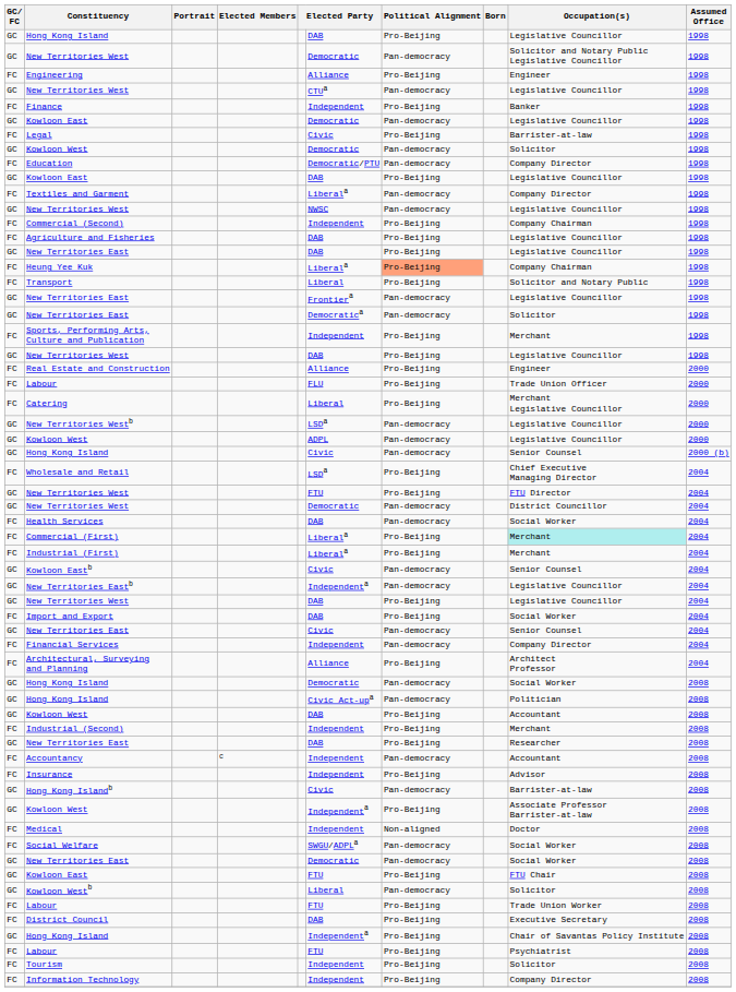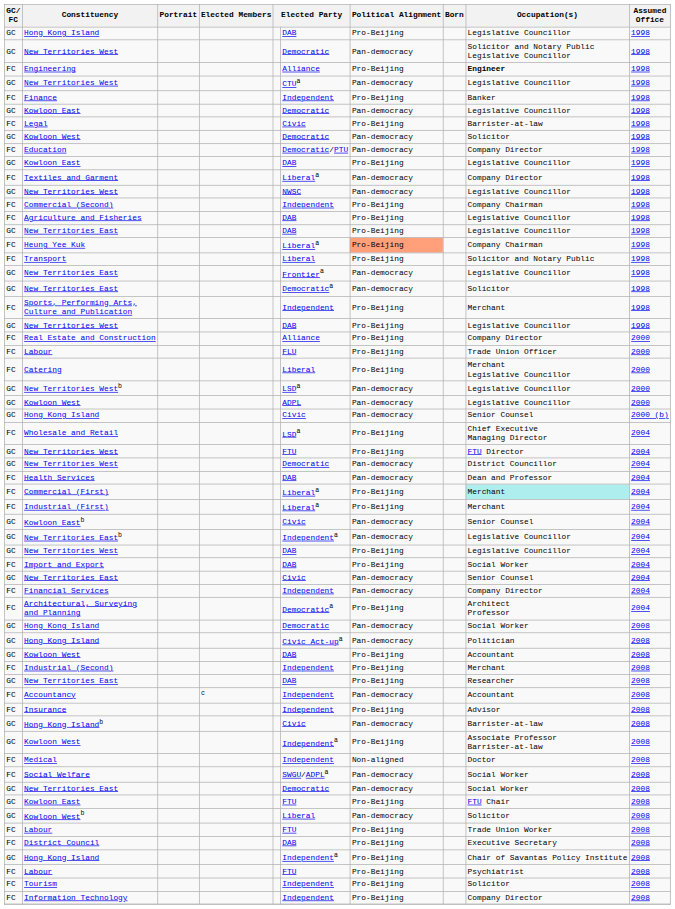 <table class="wikitable sortable" style="font-size:90%;">
 <tr>
 <th>GC/<br>FC</th>
 <th>Constituency</th>
 <th>Portrait</th>
 <th>Elected Members</th>
 <th colspan=2>Elected Party</th>
 <th>Political Alignment</th>
 <th>Born</th>
 <th>Occupation(s)</th>
 <th>Assumed<br>Office</th>
 </tr>
 <tr>
 <td>GC</td>
 <td><a href='#'>Hong Kong Island</a></td>
 <td></td>
 <td></td>
 <td width=5px></td>
 <td><a href='#'>DAB</a></td>
 <td>Pro-Beijing</td>
 <td></td>
 <td>Legislative Councillor</td>
 <td><a href='#'>1998</a></td>
 </tr>
 <tr>
 <td>GC</td>
 <td><a href='#'>New Territories West</a></td>
 <td></td>
 <td></td>
 <td style="color:inherit;background:"></td>
 <td><a href='#'>Democratic</a></td>
 <td>Pan-democracy</td>
 <td></td>
 <td>Solicitor and Notary Public<br>Legislative Councillor</td>
 <td><a href='#'>1998</a></td>
 </tr>
 <tr>
 <td>FC</td>
 <td><a href='#'>Engineering</a></td>
 <td></td>
 <td></td>
 <td style="color:inherit;background:"></td>
 <td><a href='#'>Alliance</a></td>
 <td>Pro-Beijing</td>
 <td></td>
-<td>Engineer</td>
+<td><strong>Engineer</strong></td>
 <td><a href='#'>1998</a></td>
 </tr>
 <tr>
 <td>GC</td>
 <td><a href='#'>New Territories West</a></td>
 <td></td>
 <td></td>
 <td style="color:inherit;background:"></td>
 <td><a href='#'>CTU</a><sup>a</sup></td>
 <td>Pan-democracy</td>
 <td></td>
 <td>Legislative Councillor</td>
 <td><a href='#'>1998</a></td>
 </tr>
 <tr>
 <td>FC</td>
 <td><a href='#'>Finance</a></td>
 <td></td>
 <td></td>
 <td style="color:inherit;background:"></td>
 <td><a href='#'>Independent</a></td>
 <td>Pro-Beijing</td>
 <td></td>
 <td>Banker</td>
 <td><a href='#'>1998</a></td>
 </tr>
 <tr>
 <td>GC</td>
 <td><a href='#'>Kowloon East</a></td>
 <td></td>
 <td></td>
 <td style="color:inherit;background:"></td>
 <td><a href='#'>Democratic</a></td>
 <td>Pan-democracy</td>
 <td></td>
 <td>Legislative Councillor</td>
 <td><a href='#'>1998</a></td>
 </tr>
 <tr>
 <td>FC</td>
 <td><a href='#'>Legal</a></td>
 <td></td>
 <td></td>
 <td style="color:inherit;background:"></td>
 <td><a href='#'>Civic</a></td>
 <td>Pro-Beijing</td>
 <td></td>
 <td>Barrister-at-law</td>
 <td><a href='#'>1998</a></td>
 </tr>
 <tr>
 <td>GC</td>
 <td><a href='#'>Kowloon West</a></td>
 <td></td>
 <td></td>
 <td style="color:inherit;background:"></td>
 <td><a href='#'>Democratic</a></td>
 <td>Pan-democracy</td>
 <td></td>
 <td>Solicitor</td>
 <td><a href='#'>1998</a></td>
 </tr>
 <tr>
 <td>FC</td>
 <td><a href='#'>Education</a></td>
 <td></td>
 <td></td>
 <td style="color:inherit;background:"></td>
 <td><a href='#'>Democratic</a>/<a href='#'>PTU</a></td>
 <td>Pan-democracy</td>
 <td></td>
 <td>Company Director</td>
 <td><a href='#'>1998</a></td>
 </tr>
 <tr>
 <td>GC</td>
 <td><a href='#'>Kowloon East</a></td>
 <td></td>
 <td></td>
 <td style="color:inherit;background:"></td>
 <td><a href='#'>DAB</a></td>
 <td>Pro-Beijing</td>
 <td></td>
 <td>Legislative Councillor</td>
 <td><a href='#'>1998</a></td>
 </tr>
 <tr>
 <td>FC</td>
 <td><a href='#'>Textiles and Garment</a></td>
 <td></td>
 <td></td>
 <td style="color:inherit;background:"></td>
 <td><a href='#'>Liberal</a><sup>a</sup></td>
 <td>Pan-democracy</td>
 <td></td>
 <td>Company Director</td>
 <td><a href='#'>1998</a></td>
 </tr>
 <tr>
 <td>GC</td>
 <td><a href='#'>New Territories West</a></td>
 <td></td>
 <td></td>
 <td style="color:inherit;background:"></td>
 <td><a href='#'>NWSC</a></td>
 <td>Pan-democracy</td>
 <td></td>
 <td>Legislative Councillor</td>
 <td><a href='#'>1998</a></td>
 </tr>
 <tr>
 <td>FC</td>
 <td><a href='#'>Commercial (Second)</a></td>
 <td></td>
 <td></td>
 <td style="color:inherit;background:"></td>
 <td><a href='#'>Independent</a></td>
 <td>Pro-Beijing</td>
 <td></td>
 <td>Company Chairman</td>
 <td><a href='#'>1998</a></td>
 </tr>
 <tr>
 <td>FC</td>
 <td><a href='#'>Agriculture and Fisheries</a></td>
 <td></td>
 <td></td>
 <td style="color:inherit;background:"></td>
 <td><a href='#'>DAB</a></td>
 <td>Pro-Beijing</td>
 <td></td>
 <td>Legislative Councillor</td>
 <td><a href='#'>1998</a></td>
 </tr>
 <tr>
 <td>GC</td>
 <td><a href='#'>New Territories East</a></td>
 <td></td>
 <td></td>
 <td style="color:inherit;background:"></td>
 <td><a href='#'>DAB</a></td>
 <td>Pro-Beijing</td>
 <td></td>
 <td>Legislative Councillor</td>
 <td><a href='#'>1998</a></td>
 </tr>
 <tr>
 <td>FC</td>
 <td><a href='#'>Heung Yee Kuk</a></td>
 <td></td>
 <td></td>
 <td style="color:inherit;background:"></td>
 <td><a href='#'>Liberal</a><sup>a</sup></td>
 <td style="background: lightsalmon;">Pro-Beijing</td>
 <td></td>
 <td>Company Chairman</td>
 <td><a href='#'>1998</a></td>
 </tr>
 <tr>
 <td>FC</td>
 <td><a href='#'>Transport</a></td>
 <td></td>
 <td></td>
 <td style="color:inherit;background:"></td>
 <td><a href='#'>Liberal</a></td>
 <td>Pro-Beijing</td>
 <td></td>
 <td>Solicitor and Notary Public</td>
 <td><a href='#'>1998</a></td>
 </tr>
 <tr>
 <td>GC</td>
 <td><a href='#'>New Territories East</a></td>
 <td></td>
 <td></td>
 <td style="color:inherit;background:"></td>
 <td><a href='#'>Frontier</a><sup>a</sup></td>
 <td>Pan-democracy</td>
 <td></td>
 <td>Legislative Councillor</td>
 <td><a href='#'>1998</a></td>
 </tr>
 <tr>
 <td>GC</td>
 <td><a href='#'>New Territories East</a></td>
 <td></td>
 <td></td>
 <td style="color:inherit;background:"></td>
 <td><a href='#'>Democratic</a><sup>a</sup></td>
 <td>Pan-democracy</td>
 <td></td>
 <td>Solicitor</td>
 <td><a href='#'>1998</a></td>
 </tr>
 <tr>
 <td>FC</td>
 <td><a href='#'>Sports, Performing Arts,<br>Culture and Publication</a></td>
 <td></td>
 <td></td>
 <td style="color:inherit;background:"></td>
 <td><a href='#'>Independent</a></td>
 <td>Pro-Beijing</td>
 <td></td>
 <td>Merchant</td>
 <td><a href='#'>1998</a></td>
 </tr>
 <tr>
 <td>GC</td>
 <td><a href='#'>New Territories West</a></td>
 <td></td>
 <td></td>
 <td style="color:inherit;background:"></td>
 <td><a href='#'>DAB</a></td>
 <td>Pro-Beijing</td>
 <td></td>
 <td>Legislative Councillor</td>
 <td><a href='#'>1998</a></td>
 </tr>
 <tr>
 <td>FC</td>
 <td><a href='#'>Real Estate and Construction</a></td>
 <td></td>
 <td></td>
 <td style="color:inherit;background:"></td>
 <td><a href='#'>Alliance</a></td>
 <td>Pro-Beijing</td>
 <td></td>
-<td>Engineer</td>
+<td>Company Director</td>
 <td><a href='#'>2000</a></td>
 </tr>
 <tr>
 <td>FC</td>
 <td><a href='#'>Labour</a></td>
 <td></td>
 <td></td>
 <td style="color:inherit;background:"></td>
 <td><a href='#'>FLU</a></td>
 <td>Pro-Beijing</td>
 <td></td>
 <td>Trade Union Officer</td>
 <td><a href='#'>2000</a></td>
 </tr>
 <tr>
 <td>FC</td>
 <td><a href='#'>Catering</a></td>
 <td></td>
 <td></td>
 <td style="color:inherit;background:"></td>
 <td><a href='#'>Liberal</a></td>
 <td>Pro-Beijing</td>
 <td></td>
 <td>Merchant<br>Legislative Councillor</td>
 <td><a href='#'>2000</a></td>
 </tr>
 <tr>
 <td>GC</td>
 <td><a href='#'>New Territories West</a><sup>b</sup></td>
 <td></td>
 <td><em></em></td>
 <td style="color:inherit;background:"></td>
 <td><a href='#'>LSD</a><sup>a</sup></td>
 <td>Pan-democracy</td>
 <td></td>
 <td>Legislative Councillor</td>
 <td><a href='#'>2000</a></td>
 </tr>
 <tr>
 <td>GC</td>
 <td><a href='#'>Kowloon West</a></td>
 <td></td>
 <td></td>
 <td style="color:inherit;background:"></td>
 <td><a href='#'>ADPL</a></td>
 <td>Pan-democracy</td>
 <td></td>
 <td>Legislative Councillor</td>
 <td><a href='#'>2000</a></td>
 </tr>
 <tr>
 <td>GC</td>
 <td><a href='#'>Hong Kong Island</a></td>
 <td></td>
 <td></td>
 <td style="color:inherit;background:"></td>
 <td><a href='#'>Civic</a></td>
 <td>Pan-democracy</td>
 <td></td>
 <td>Senior Counsel</td>
 <td><a href='#'>2000 (b)</a></td>
 </tr>
 <tr>
 <td>FC</td>
 <td><a href='#'>Wholesale and Retail</a></td>
 <td></td>
 <td></td>
 <td style="color:inherit;background:"></td>
 <td><a href='#'>LSD</a><sup>a</sup></td>
 <td>Pro-Beijing</td>
 <td></td>
 <td>Chief Executive<br>Managing Director</td>
 <td><a href='#'>2004</a></td>
 </tr>
 <tr>
 <td>GC</td>
 <td><a href='#'>New Territories West</a></td>
 <td></td>
 <td></td>
 <td style="color:inherit;background:"></td>
 <td><a href='#'>FTU</a></td>
 <td>Pro-Beijing</td>
 <td></td>
 <td><a href='#'>FTU</a> Director</td>
 <td><a href='#'>2004</a></td>
 </tr>
 <tr>
 <td>GC</td>
 <td><a href='#'>New Territories West</a></td>
 <td></td>
 <td></td>
 <td style="color:inherit;background:"></td>
 <td><a href='#'>Democratic</a></td>
 <td>Pan-democracy</td>
 <td></td>
 <td>District Councillor</td>
 <td><a href='#'>2004</a></td>
 </tr>
 <tr>
 <td>FC</td>
 <td><a href='#'>Health Services</a></td>
 <td></td>
 <td></td>
 <td style="color:inherit;background:"></td>
 <td><a href='#'>DAB</a></td>
 <td>Pan-democracy</td>
 <td></td>
-<td>Social Worker</td>
+<td>Dean and Professor</td>
 <td><a href='#'>2004</a></td>
 </tr>
 <tr>
 <td>FC</td>
 <td><a href='#'>Commercial (First)</a></td>
 <td></td>
 <td></td>
 <td style="color:inherit;background:"></td>
 <td><a href='#'>Liberal</a><sup>a</sup></td>
 <td>Pro-Beijing</td>
 <td></td>
 <td style="background: paleturquoise;">Merchant</td>
 <td><a href='#'>2004</a></td>
 </tr>
 <tr>
 <td>FC</td>
 <td><a href='#'>Industrial (First)</a></td>
 <td></td>
 <td></td>
 <td style="color:inherit;background:"></td>
 <td><a href='#'>Liberal</a><sup>a</sup></td>
 <td>Pro-Beijing</td>
 <td></td>
 <td>Merchant</td>
 <td><a href='#'>2004</a></td>
 </tr>
 <tr>
 <td>GC</td>
 <td><a href='#'>Kowloon East</a><sup>b</sup></td>
 <td></td>
 <td><em></em></td>
 <td style="color:inherit;background:"></td>
 <td><a href='#'>Civic</a></td>
 <td>Pan-democracy</td>
 <td></td>
 <td>Senior Counsel</td>
 <td><a href='#'>2004</a></td>
 </tr>
 <tr>
 <td>GC</td>
 <td><a href='#'>New Territories East</a><sup>b</sup></td>
 <td></td>
 <td><em></em></td>
 <td style="color:inherit;background:"></td>
 <td><a href='#'>Independent</a><sup>a</sup></td>
 <td>Pan-democracy</td>
 <td></td>
 <td>Legislative Councillor</td>
 <td><a href='#'>2004</a></td>
 </tr>
 <tr>
 <td>GC</td>
 <td><a href='#'>New Territories West</a></td>
 <td></td>
 <td></td>
 <td style="color:inherit;background:"></td>
 <td><a href='#'>DAB</a></td>
 <td>Pro-Beijing</td>
 <td></td>
 <td>Legislative Councillor</td>
 <td><a href='#'>2004</a></td>
 </tr>
 <tr>
 <td>FC</td>
 <td><a href='#'>Import and Export</a></td>
 <td></td>
 <td></td>
 <td style="color:inherit;background:"></td>
 <td><a href='#'>DAB</a></td>
 <td>Pro-Beijing</td>
 <td></td>
 <td>Social Worker</td>
 <td><a href='#'>2004</a></td>
 </tr>
 <tr>
 <td>GC</td>
 <td><a href='#'>New Territories East</a></td>
 <td></td>
 <td></td>
 <td style="color:inherit;background:"></td>
 <td><a href='#'>Civic</a></td>
 <td>Pan-democracy</td>
 <td></td>
 <td>Senior Counsel</td>
 <td><a href='#'>2004</a></td>
 </tr>
 <tr>
 <td>FC</td>
 <td><a href='#'>Financial Services</a></td>
 <td></td>
 <td></td>
 <td style="color:inherit;background:"></td>
 <td><a href='#'>Independent</a></td>
 <td>Pan-democracy</td>
 <td></td>
 <td>Company Director</td>
 <td><a href='#'>2004</a></td>
 </tr>
 <tr>
 <td>FC</td>
 <td><a href='#'>Architectural, Surveying<br>and Planning</a></td>
 <td></td>
 <td></td>
 <td style="color:inherit;background:"></td>
-<td><a href='#'>Alliance</a></td>
+<td><a href='#'>Democratic</a><sup>a</sup></td>
 <td>Pro-Beijing</td>
 <td></td>
 <td>Architect<br>Professor</td>
 <td><a href='#'>2004</a></td>
 </tr>
 <tr>
 <td>GC</td>
 <td><a href='#'>Hong Kong Island</a></td>
 <td></td>
 <td></td>
 <td style="color:inherit;background:"></td>
 <td><a href='#'>Democratic</a></td>
 <td>Pan-democracy</td>
 <td></td>
 <td>Social Worker</td>
 <td><a href='#'>2008</a></td>
 </tr>
 <tr>
 <td>GC</td>
 <td><a href='#'>Hong Kong Island</a></td>
 <td></td>
 <td></td>
 <td style="color:inherit;background:"></td>
 <td><a href='#'>Civic Act-up</a><sup>a</sup></td>
 <td>Pan-democracy</td>
 <td></td>
 <td>Politician</td>
 <td><a href='#'>2008</a></td>
 </tr>
 <tr>
 <td>GC</td>
 <td><a href='#'>Kowloon West</a></td>
 <td></td>
 <td></td>
 <td style="color:inherit;background:"></td>
 <td><a href='#'>DAB</a></td>
 <td>Pro-Beijing</td>
 <td></td>
 <td>Accountant</td>
 <td><a href='#'>2008</a></td>
 </tr>
 <tr>
 <td>FC</td>
 <td><a href='#'>Industrial (Second)</a></td>
 <td></td>
 <td></td>
 <td style="color:inherit;background:"></td>
 <td><a href='#'>Independent</a></td>
 <td>Pro-Beijing</td>
 <td></td>
 <td>Merchant</td>
 <td><a href='#'>2008</a></td>
 </tr>
 <tr>
 <td>GC</td>
 <td><a href='#'>New Territories East</a></td>
 <td></td>
 <td></td>
 <td style="color:inherit;background:"></td>
 <td><a href='#'>DAB</a></td>
 <td>Pro-Beijing</td>
 <td></td>
 <td>Researcher</td>
 <td><a href='#'>2008</a></td>
 </tr>
 <tr>
 <td>FC</td>
 <td><a href='#'>Accountancy</a></td>
 <td></td>
 <td><em></em><sup>c</sup></td>
 <td style="color:inherit;background:"></td>
 <td><a href='#'>Independent</a></td>
 <td>Pan-democracy</td>
 <td></td>
 <td>Accountant</td>
 <td><a href='#'>2008</a></td>
 </tr>
 <tr>
 <td>FC</td>
 <td><a href='#'>Insurance</a></td>
 <td></td>
 <td></td>
 <td style="color:inherit;background:"></td>
 <td><a href='#'>Independent</a></td>
 <td>Pro-Beijing</td>
 <td></td>
 <td>Advisor</td>
 <td><a href='#'>2008</a></td>
 </tr>
 <tr>
 <td>GC</td>
 <td><a href='#'>Hong Kong Island</a><sup>b</sup></td>
 <td></td>
 <td><em></em></td>
 <td width=5px></td>
 <td><a href='#'>Civic</a></td>
 <td>Pan-democracy</td>
 <td></td>
 <td>Barrister-at-law</td>
 <td><a href='#'>2008</a></td>
 </tr>
 <tr>
 <td>GC</td>
 <td><a href='#'>Kowloon West</a></td>
 <td></td>
 <td></td>
 <td style="color:inherit;background:"></td>
 <td><a href='#'>Independent</a><sup>a</sup></td>
 <td>Pro-Beijing</td>
 <td></td>
 <td>Associate Professor<br>Barrister-at-law</td>
 <td><a href='#'>2008</a></td>
 </tr>
 <tr>
 <td>FC</td>
 <td><a href='#'>Medical</a></td>
 <td></td>
 <td></td>
 <td style="color:inherit;background:"></td>
 <td><a href='#'>Independent</a></td>
 <td>Non-aligned</td>
 <td></td>
 <td>Doctor</td>
 <td><a href='#'>2008</a></td>
 </tr>
 <tr>
 <td>FC</td>
 <td><a href='#'>Social Welfare</a></td>
 <td></td>
 <td></td>
 <td style="color:inherit;background:"></td>
 <td><a href='#'>SWGU</a>/<a href='#'>ADPL</a><sup>a</sup></td>
 <td>Pan-democracy</td>
 <td></td>
 <td>Social Worker</td>
 <td><a href='#'>2008</a></td>
 </tr>
 <tr>
 <td>GC</td>
 <td><a href='#'>New Territories East</a></td>
 <td></td>
 <td></td>
 <td style="color:inherit;background:"></td>
 <td><a href='#'>Democratic</a></td>
 <td>Pan-democracy</td>
 <td></td>
 <td>Social Worker</td>
 <td><a href='#'>2008</a></td>
 </tr>
 <tr>
 <td>GC</td>
 <td><a href='#'>Kowloon East</a></td>
 <td></td>
 <td></td>
 <td style="color:inherit;background:"></td>
 <td><a href='#'>FTU</a></td>
 <td>Pro-Beijing</td>
 <td></td>
 <td><a href='#'>FTU</a> Chair</td>
 <td><a href='#'>2008</a></td>
 </tr>
 <tr>
 <td>GC</td>
 <td><a href='#'>Kowloon West</a><sup>b</sup></td>
 <td></td>
 <td><em></em></td>
 <td style="color:inherit;background:"></td>
 <td><a href='#'>Liberal</a></td>
 <td>Pan-democracy</td>
 <td></td>
 <td>Solicitor</td>
 <td><a href='#'>2008</a></td>
 </tr>
 <tr>
 <td>FC</td>
 <td><a href='#'>Labour</a></td>
 <td></td>
 <td></td>
 <td style="color:inherit;background:"></td>
 <td><a href='#'>FTU</a></td>
 <td>Pro-Beijing</td>
 <td></td>
 <td>Trade Union Worker</td>
 <td><a href='#'>2008</a></td>
 </tr>
 <tr>
 <td>FC</td>
 <td><a href='#'>District Council</a></td>
 <td></td>
 <td></td>
 <td style="color:inherit;background:"></td>
 <td><a href='#'>DAB</a></td>
 <td>Pro-Beijing</td>
 <td></td>
 <td>Executive Secretary</td>
 <td><a href='#'>2008</a></td>
 </tr>
 <tr>
 <td>GC</td>
 <td><a href='#'>Hong Kong Island</a></td>
 <td></td>
 <td></td>
 <td style="color:inherit;background:"></td>
 <td><a href='#'>Independent</a><sup>a</sup></td>
 <td>Pro-Beijing</td>
 <td></td>
 <td>Chair of Savantas Policy Institute</td>
 <td><a href='#'>2008</a></td>
 </tr>
 <tr>
 <td>FC</td>
 <td><a href='#'>Labour</a></td>
 <td></td>
 <td></td>
 <td style="color:inherit;background:"></td>
 <td><a href='#'>FTU</a></td>
 <td>Pro-Beijing</td>
 <td></td>
 <td>Psychiatrist</td>
 <td><a href='#'>2008</a></td>
 </tr>
 <tr>
 <td>FC</td>
 <td><a href='#'>Tourism</a></td>
 <td></td>
 <td></td>
 <td style="color:inherit;background:"></td>
 <td><a href='#'>Independent</a></td>
 <td>Pro-Beijing</td>
 <td></td>
 <td>Solicitor</td>
 <td><a href='#'>2008</a></td>
 </tr>
 <tr>
 <td>FC</td>
 <td><a href='#'>Information Technology</a></td>
 <td></td>
 <td></td>
 <td style="color:inherit;background:"></td>
 <td><a href='#'>Independent</a></td>
 <td>Pro-Beijing</td>
 <td></td>
 <td>Company Director</td>
 <td><a href='#'>2008</a></td>
 </tr>
 <tr>
 </tr>
 </table>
